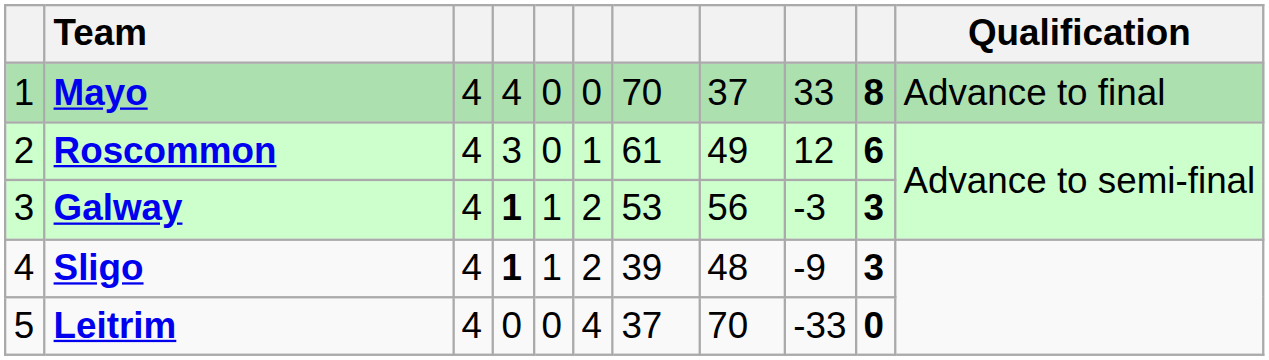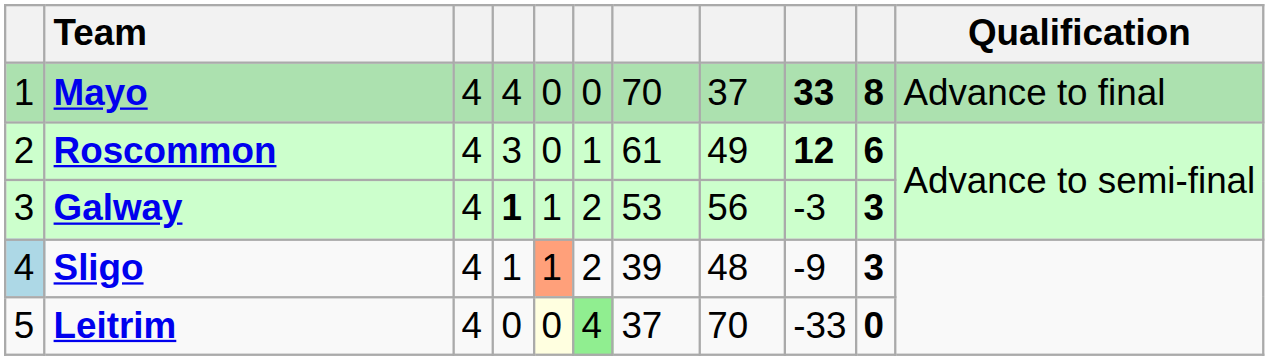 <table class="wikitable">
 <tr>
 <th width=10></th>
 <th width=170 style="text-align:left;">Team</th>
 <th width=10></th>
 <th width=10></th>
 <th width=10></th>
 <th width=10></th>
 <th width=30></th>
 <th width=30></th>
 <th width=10></th>
 <th width=10></th>
 <th>Qualification</th>
 </tr>
 <tr style="background:#ace1af">
 <td>1</td>
 <td align=left><strong> <a href='#'>Mayo</a></strong></td>
 <td>4</td>
 <td>4</td>
 <td>0</td>
 <td>0</td>
 <td>70</td>
 <td>37</td>
-<td>33</td>
+<td><strong>33</strong></td>
 <td><strong>8</strong></td>
 <td>Advance to final</td>
 </tr>
 <tr style="background:#ccffcc">
 <td>2</td>
 <td align=left><strong> <a href='#'>Roscommon</a></strong></td>
 <td>4</td>
 <td>3</td>
 <td>0</td>
 <td>1</td>
 <td>61</td>
 <td>49</td>
-<td>12</td>
+<td><strong>12</strong></td>
 <td><strong>6</strong></td>
 <td rowspan="2">Advance to semi-final</td>
 </tr>
 <tr style="background:#ccffcc">
 <td>3</td>
 <td align=left><strong> <a href='#'>Galway</a></strong></td>
 <td>4</td>
 <td><strong>1</strong></td>
 <td>1</td>
 <td>2</td>
 <td>53</td>
 <td>56</td>
 <td>-3</td>
 <td><strong>3</strong></td>
 </tr>
 <tr>
-<td>4</td>
+<td style="background: lightblue;">4</td>
 <td align=left><strong> <a href='#'>Sligo</a></strong></td>
 <td>4</td>
-<td><strong>1</strong></td>
 <td>1</td>
+<td style="background: lightsalmon;">1</td>
 <td>2</td>
 <td>39</td>
 <td>48</td>
 <td>-9</td>
 <td><strong>3</strong></td>
 </tr>
 <tr>
 <td>5</td>
 <td align=left><strong> <a href='#'>Leitrim</a></strong></td>
 <td>4</td>
 <td>0</td>
-<td>0</td>
-<td>4</td>
+<td style="background: lightyellow;">0</td>
+<td style="background: lightgreen;">4</td>
 <td>37</td>
 <td>70</td>
 <td>-33</td>
 <td><strong>0</strong></td>
 </tr>
 </table>
